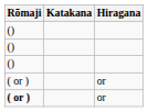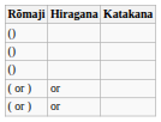 <table class="wikitable">
 <tr>
 <th>Rōmaji</th>
+<th>Hiragana</th>
 <th>Katakana</th>
-<th>Hiragana</th>
 </tr>
 <tr>
 <td> ()</td>
 <td></td>
 <td></td>
 </tr>
 <tr>
 <td> ()</td>
 <td></td>
 <td></td>
 </tr>
 <tr>
 <td> ()</td>
 <td></td>
 <td></td>
 </tr>
 <tr>
 <td> ( or )</td>
+<td> or </td>
 <td></td>
-<td> or </td>
 </tr>
 <tr>
-<td><strong> ( or )</strong></td>
+<td> ( or )</td>
+<td> or </td>
 <td></td>
-<td> or </td>
 </tr>
 </table>
